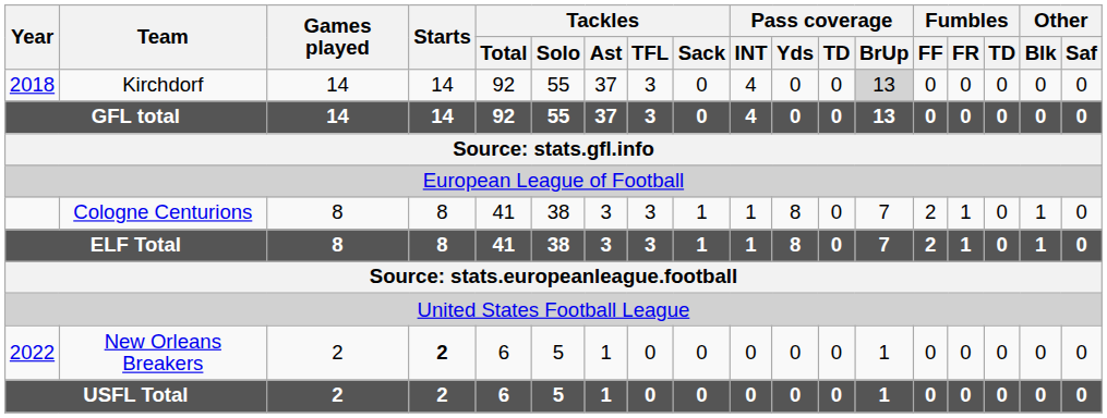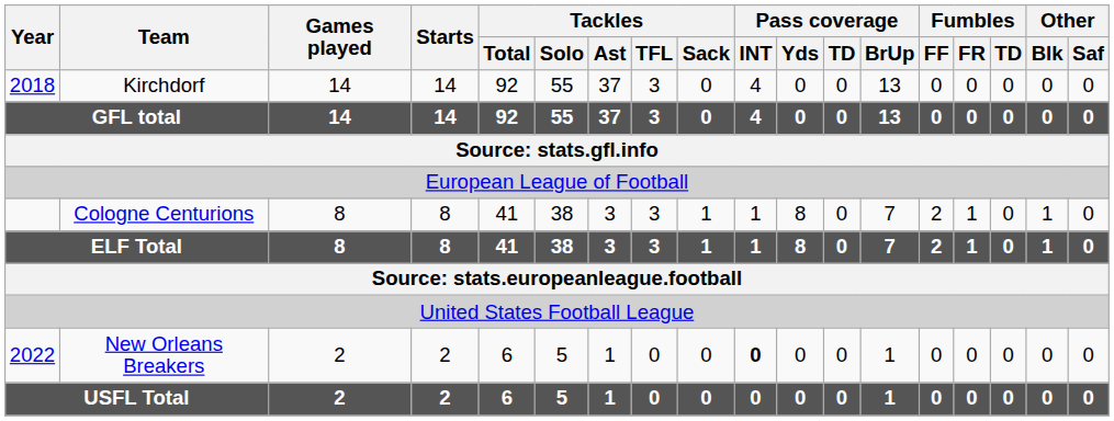 <table class="wikitable" style="text-align:center;">
 <tr>
 <th rowspan="2">Year</th>
 <th rowspan="2">Team</th>
 <th rowspan="2">Games played</th>
 <th rowspan="2">Starts</th>
 <th colspan="5">Tackles</th>
 <th colspan="4">Pass coverage</th>
 <th colspan="3">Fumbles</th>
 <th colspan="2">Other</th>
 </tr>
 <tr>
 <th class="explain" title="Solo and assisted tackles">Total</th>
 <th>Solo</th>
 <th>Ast</th>
 <th class="explain" title="Tackles for Loss">TFL</th>
 <th>Sack</th>
 <th class="explain" title="Interceptions">INT</th>
 <th class="explain" title="Yards">Yds</th>
 <th><abbr>TD</abbr></th>
 <th><abbr>BrUp</abbr></th>
 <th><abbr>FF</abbr></th>
 <th><abbr>FR</abbr></th>
 <th><abbr>TD</abbr></th>
 <th><abbr>Blk</abbr></th>
 <th><abbr>Saf</abbr></th>
 </tr>
 <tr>
 <td><a href='#'>2018</a></td>
 <td>Kirchdorf</td>
 <td>14</td>
 <td>14</td>
 <td>92</td>
 <td>55</td>
 <td>37</td>
 <td>3</td>
 <td>0</td>
 <td>4</td>
 <td>0</td>
 <td>0</td>
-<td style="background: lightgrey;">13</td>
+<td>13</td>
 <td>0</td>
 <td>0</td>
 <td>0</td>
 <td>0</td>
 <td>0</td>
 </tr>
 <tr style="background:#555555; font-weight:bold; color:white;">
 <td colspan="2">GFL total</td>
 <td>14</td>
 <td>14</td>
 <td>92</td>
 <td>55</td>
 <td>37</td>
 <td>3</td>
 <td>0</td>
 <td>4</td>
 <td>0</td>
 <td>0</td>
 <td>13</td>
 <td>0</td>
 <td>0</td>
 <td>0</td>
 <td>0</td>
 <td>0</td>
 </tr>
 <tr>
 <th colspan="18">Source: stats.gfl.info</th>
 </tr>
 <tr>
 <td colspan="18" style="background-color:#D1D1D1"><a href='#'>European League of Football</a> </td>
 </tr>
 <tr>
 <td></td>
 <td><a href='#'>Cologne Centurions</a></td>
 <td>8</td>
 <td>8</td>
 <td>41</td>
 <td>38</td>
 <td>3</td>
 <td>3</td>
 <td>1</td>
 <td>1</td>
 <td>8</td>
 <td>0</td>
 <td>7</td>
 <td>2</td>
 <td>1</td>
 <td>0</td>
 <td>1</td>
 <td>0</td>
 </tr>
 <tr>
 </tr>
 <tr style="background:#555555; font-weight:bold; color:white;">
 <td colspan="2">ELF Total</td>
 <td>8</td>
 <td>8</td>
 <td>41</td>
 <td>38</td>
 <td>3</td>
 <td>3</td>
 <td>1</td>
 <td>1</td>
 <td>8</td>
 <td>0</td>
 <td>7</td>
 <td>2</td>
 <td>1</td>
 <td>0</td>
 <td>1</td>
 <td>0</td>
 </tr>
 <tr>
 <th colspan="18">Source: stats.europeanleague.football</th>
 </tr>
 <tr>
 <td colspan="18" style="background-color:#D1D1D1"><a href='#'> United States Football League</a></td>
 </tr>
 <tr>
 <td><a href='#'>2022</a></td>
 <td><a href='#'>New Orleans Breakers</a></td>
 <td>2</td>
-<td><strong>2</strong></td>
+<td>2</td>
 <td>6</td>
 <td>5</td>
 <td>1</td>
 <td>0</td>
 <td>0</td>
-<td>0</td>
+<td><strong>0</strong></td>
 <td>0</td>
 <td>0</td>
 <td>1</td>
 <td>0</td>
 <td>0</td>
 <td>0</td>
 <td>0</td>
 <td>0</td>
 </tr>
 <tr>
 </tr>
 <tr style="background:#555555; font-weight:bold; color:white;">
 <td colspan="2">USFL Total</td>
 <td>2</td>
 <td>2</td>
 <td>6</td>
 <td>5</td>
 <td>1</td>
 <td>0</td>
 <td>0</td>
 <td>0</td>
 <td>0</td>
 <td>0</td>
 <td>1</td>
 <td>0</td>
 <td>0</td>
 <td>0</td>
 <td>0</td>
 <td>0</td>
 </tr>
 </table>
